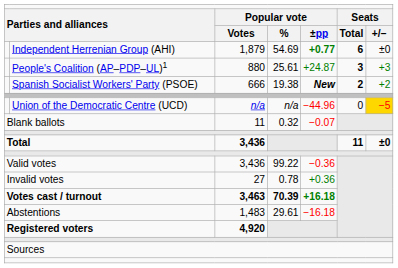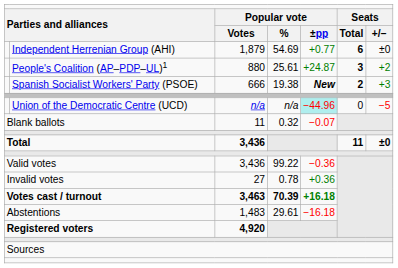 <table class="wikitable" style="text-align:right;">
 <tr>
 <td colspan="7"></td>
 </tr>
 <tr>
 <th style="text-align:left;" rowspan="2" colspan="2" width="525">Parties and alliances</th>
 <th colspan="3">Popular vote</th>
 <th colspan="2">Seats</th>
 </tr>
 <tr>
 <th width="75">Votes</th>
 <th width="45">%</th>
 <th width="45">±<a href='#'>pp</a></th>
 <th width="35">Total</th>
 <th width="35">+/−</th>
 </tr>
 <tr>
 <td width="1" style="color:inherit;background:"></td>
 <td align="left"><a href='#'>Independent Herrenian Group</a> (AHI)</td>
 <td>1,879</td>
 <td>54.69</td>
-<td style="color:green;"><strong>+0.77</strong></td>
+<td style="color:green;">+0.77</td>
 <td><strong>6</strong></td>
 <td>±0</td>
 </tr>
 <tr>
 <td style="color:inherit;background:"></td>
 <td align="left"><a href='#'>People's Coalition</a> (<a href='#'>AP</a>–<a href='#'>PDP</a>–<a href='#'>UL</a>)<sup>1</sup></td>
 <td>880</td>
 <td>25.61</td>
 <td style="color:green;">+24.87</td>
 <td><strong>3</strong></td>
-<td style="color:green;">+3</td>
+<td style="color:green;">+2</td>
 </tr>
 <tr>
 <td style="color:inherit;background:"></td>
 <td align="left"><a href='#'>Spanish Socialist Workers' Party</a> (PSOE)</td>
 <td>666</td>
 <td>19.38</td>
 <td><strong><em>New</em></strong></td>
 <td><strong>2</strong></td>
-<td style="color:green;">+2</td>
+<td style="color:green;">+3</td>
 </tr>
 <tr>
 <td colspan="7" bgcolor="#C0C0C0"></td>
 </tr>
 <tr>
 <td style="color:inherit;background:"></td>
 <td align="left"><a href='#'>Union of the Democratic Centre</a> (UCD)</td>
 <td><em><a href='#'>n/a</a></em></td>
 <td><em>n/a</em></td>
-<td style="color:red;">−44.96</td>
+<td style="background: paleturquoise; color:red;">−44.96</td>
 <td>0</td>
-<td style="background: gold; color:red;">−5</td>
+<td style="color:red;">−5</td>
 </tr>
 <tr>
 <td align="left" colspan="2">Blank ballots</td>
 <td>11</td>
 <td>0.32</td>
 <td style="color:red;">−0.07</td>
 <td bgcolor="#E9E9E9" colspan="2"></td>
 </tr>
 <tr>
 <td colspan="7" bgcolor="#E9E9E9"></td>
 </tr>
 <tr style="font-weight:bold;">
 <td align="left" colspan="2">Total</td>
 <td>3,436</td>
 <td bgcolor="#E9E9E9" colspan="2"></td>
 <td>11</td>
 <td>±0</td>
 </tr>
 <tr>
 <td colspan="7" bgcolor="#E9E9E9"></td>
 </tr>
 <tr>
 <td align="left" colspan="2">Valid votes</td>
 <td>3,436</td>
 <td>99.22</td>
 <td style="color:red;">−0.36</td>
 <td bgcolor="#E9E9E9" colspan="2" rowspan="5"></td>
 </tr>
 <tr>
 <td align="left" colspan="2">Invalid votes</td>
 <td>27</td>
 <td>0.78</td>
 <td style="color:green;">+0.36</td>
 </tr>
 <tr style="font-weight:bold;">
 <td align="left" colspan="2">Votes cast / turnout</td>
 <td>3,463</td>
 <td>70.39</td>
 <td style="color:green;">+16.18</td>
 </tr>
 <tr>
 <td align="left" colspan="2">Abstentions</td>
 <td>1,483</td>
 <td>29.61</td>
 <td style="color:red;">−16.18</td>
 </tr>
 <tr style="font-weight:bold;">
 <td align="left" colspan="2">Registered voters</td>
 <td>4,920</td>
 <td bgcolor="#E9E9E9" colspan="2"></td>
 </tr>
 <tr>
 <td colspan="7" bgcolor="#E9E9E9"></td>
 </tr>
 <tr>
 <td align="left" colspan="7">Sources</td>
 </tr>
 <tr>
 <td colspan="7" style="text-align:left; max-width:790px;"></td>
 </tr>
 </table>
